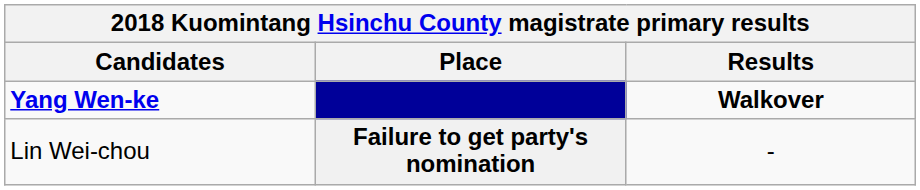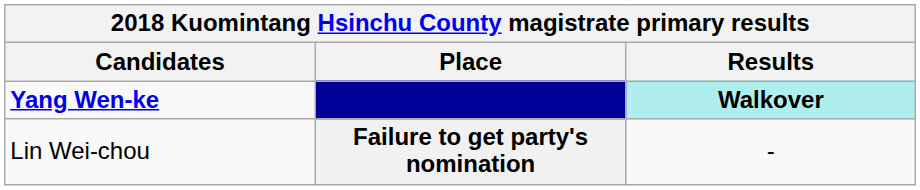 <table class="wikitable collapsible">
 <tr>
 <th colspan="5" width=600>2018 Kuomintang <a href='#'>Hsinchu County</a> magistrate primary results</th>
 </tr>
 <tr>
 <th width=80>Candidates</th>
 <th width=80>Place</th>
 <th width=80>Results</th>
 </tr>
 <tr>
 <td><strong><a href='#'>Yang Wen-ke</a></strong></td>
 <td style="background: #000099; text-align:center"><strong></strong></td>
-<td style="text-align:center"><strong>Walkover</strong></td>
+<td style="background: paleturquoise; text-align:center"><strong>Walkover</strong></td>
 </tr>
 <tr>
 <td>Lin Wei-chou</td>
 <td style="background: #f1f1f1; text-align:center"><strong>Failure to get party's nomination</strong></td>
 <td style="text-align:center">-</td>
 </tr>
 </table>
